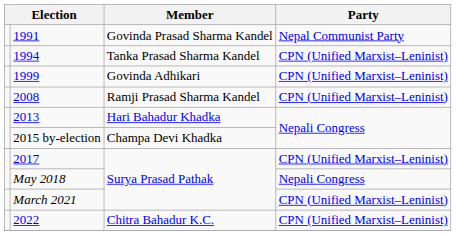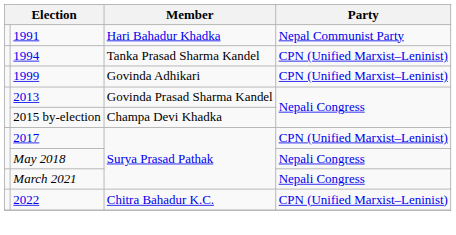 <table class="wikitable">
 <tr>
 <th colspan="2">Election</th>
 <th>Member</th>
 <th>Party</th>
 </tr>
 <tr>
 <td style="background-color:"></td>
 <td><a href='#'>1991</a></td>
-<td>Govinda Prasad Sharma Kandel</td>
+<td><a href='#'>Hari Bahadur Khadka</a></td>
 <td><a href='#'>Nepal Communist Party</a></td>
 </tr>
 <tr>
 <td style="background-color:"></td>
 <td><a href='#'>1994</a></td>
 <td>Tanka Prasad Sharma Kandel</td>
 <td><a href='#'>CPN (Unified Marxist–Leninist)</a></td>
 </tr>
 <tr>
 <td style="background-color:"></td>
 <td><a href='#'>1999</a></td>
 <td>Govinda Adhikari</td>
 <td><a href='#'>CPN (Unified Marxist–Leninist)</a></td>
 </tr>
 <tr>
-<td style="background-color:"></td>
-<td><a href='#'>2008</a></td>
-<td>Ramji Prasad Sharma Kandel</td>
-<td><a href='#'>CPN (Unified Marxist–Leninist)</a></td>
-</tr>
-<tr>
 <td rowspan="2" style="background-color:"></td>
 <td><a href='#'>2013</a></td>
-<td><a href='#'>Hari Bahadur Khadka</a></td>
+<td>Govinda Prasad Sharma Kandel</td>
 <td rowspan="2"><a href='#'>Nepali Congress</a></td>
 </tr>
 <tr>
 <td>2015 by-election</td>
 <td>Champa Devi Khadka</td>
 </tr>
 <tr>
 <td rowspan="2" style="background-color:"></td>
 <td><a href='#'>2017</a></td>
 <td rowspan="3"><a href='#'>Surya Prasad Pathak</a></td>
 <td><a href='#'>CPN (Unified Marxist–Leninist)</a></td>
 </tr>
 <tr>
 <td><em>May 2018</em></td>
 <td><a href='#'>Nepali Congress</a></td>
 </tr>
 <tr>
 <td></td>
 <td><em>March 2021</em></td>
-<td><a href='#'>CPN (Unified Marxist–Leninist)</a></td>
+<td><a href='#'>Nepali Congress</a></td>
 </tr>
 <tr>
 <td></td>
 <td><a href='#'>2022</a></td>
 <td><a href='#'>Chitra Bahadur K.C.</a></td>
 <td><a href='#'>CPN (Unified Marxist–Leninist)</a></td>
 </tr>
 <tr>
 </tr>
 </table>
